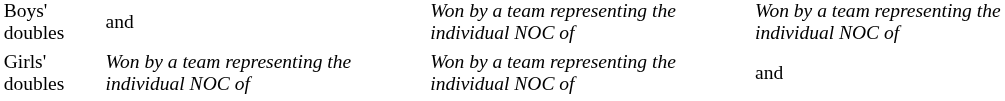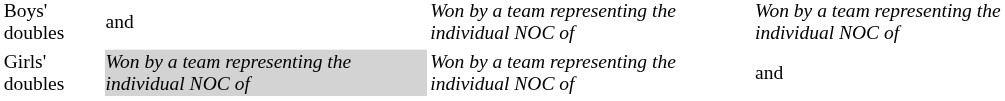 <table>
 <tr>
 <td>Boys' doubles<br></td>
 <td> and<br></td>
 <td><em>Won by a team representing the individual NOC of </em></td>
 <td><em>Won by a team representing the individual NOC of </em></td>
 </tr>
 <tr>
 </tr>
 <tr>
 <td>Girls' doubles<br></td>
-<td><em>Won by a team representing the individual NOC of </em></td>
+<td style="background: lightgrey;"><em>Won by a team representing the individual NOC of </em></td>
 <td><em>Won by a team representing the individual NOC of </em></td>
 <td> and<br></td>
 </tr>
 <tr>
 </tr>
 </table>
